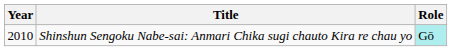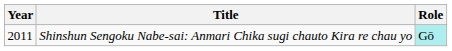 <table class="wikitable">
 <tr>
 <th>Year</th>
 <th>Title</th>
 <th>Role</th>
 </tr>
 <tr>
-<td>2010</td>
+<td>2011</td>
 <td><em>Shinshun Sengoku Nabe-sai: Anmari Chika sugi chauto Kira re chau yo</em></td>
 <td style="background: paleturquoise;">Gō</td>
 </tr>
 </table>
